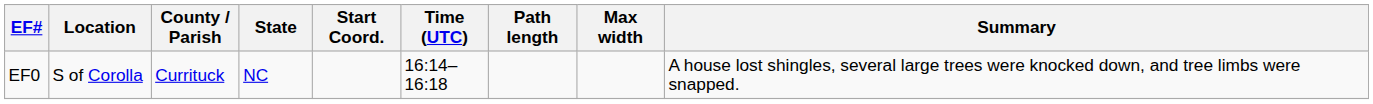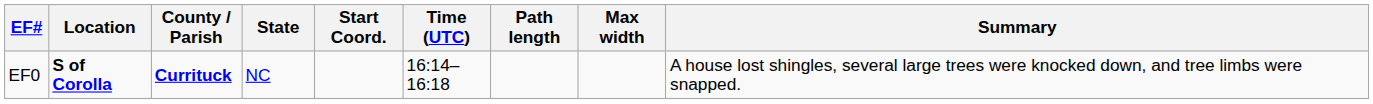 <table class="wikitable sortable" style="width:100%;">
 <tr>
 <th scope="col"  style="width:3%; text-align:center;"><a href='#'>EF#</a></th>
 <th scope="col"  style="width:7%; text-align:center;" class="unsortable">Location</th>
 <th scope="col"  style="width:6%; text-align:center;" class="unsortable">County / Parish</th>
 <th scope="col"  style="width:5%; text-align:center;">State</th>
 <th scope="col"  style="width:6%; text-align:center;">Start Coord.</th>
 <th scope="col"  style="width:6%; text-align:center;">Time (<a href='#'>UTC</a>)</th>
 <th scope="col"  style="width:6%; text-align:center;">Path length</th>
 <th scope="col"  style="width:6%; text-align:center;">Max width</th>
 <th scope="col" class="unsortable" style="width:48%; text-align:center;">Summary</th>
 </tr>
 <tr>
 <td>EF0</td>
-<td>S of <a href='#'>Corolla</a></td>
-<td><a href='#'>Currituck</a></td>
+<td><strong>S of <a href='#'>Corolla</a></strong></td>
+<td><strong><a href='#'>Currituck</a></strong></td>
 <td><a href='#'>NC</a></td>
 <td></td>
 <td>16:14–16:18</td>
 <td></td>
 <td></td>
 <td>A house lost shingles,  several large trees were knocked down, and tree limbs were snapped.</td>
 </tr>
 <tr>
 </tr>
 </table>
